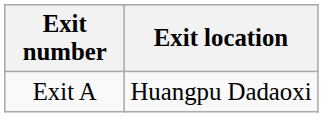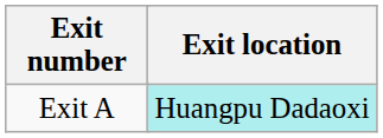 <table class="wikitable">
 <tr>
 <th style="width:70px" colspan="2">Exit number</th>
 <th>Exit location</th>
 </tr>
 <tr>
 <td align="center" colspan="2">Exit A</td>
-<td>Huangpu Dadaoxi</td>
+<td style="background: paleturquoise;">Huangpu Dadaoxi</td>
 </tr>
 </table>
